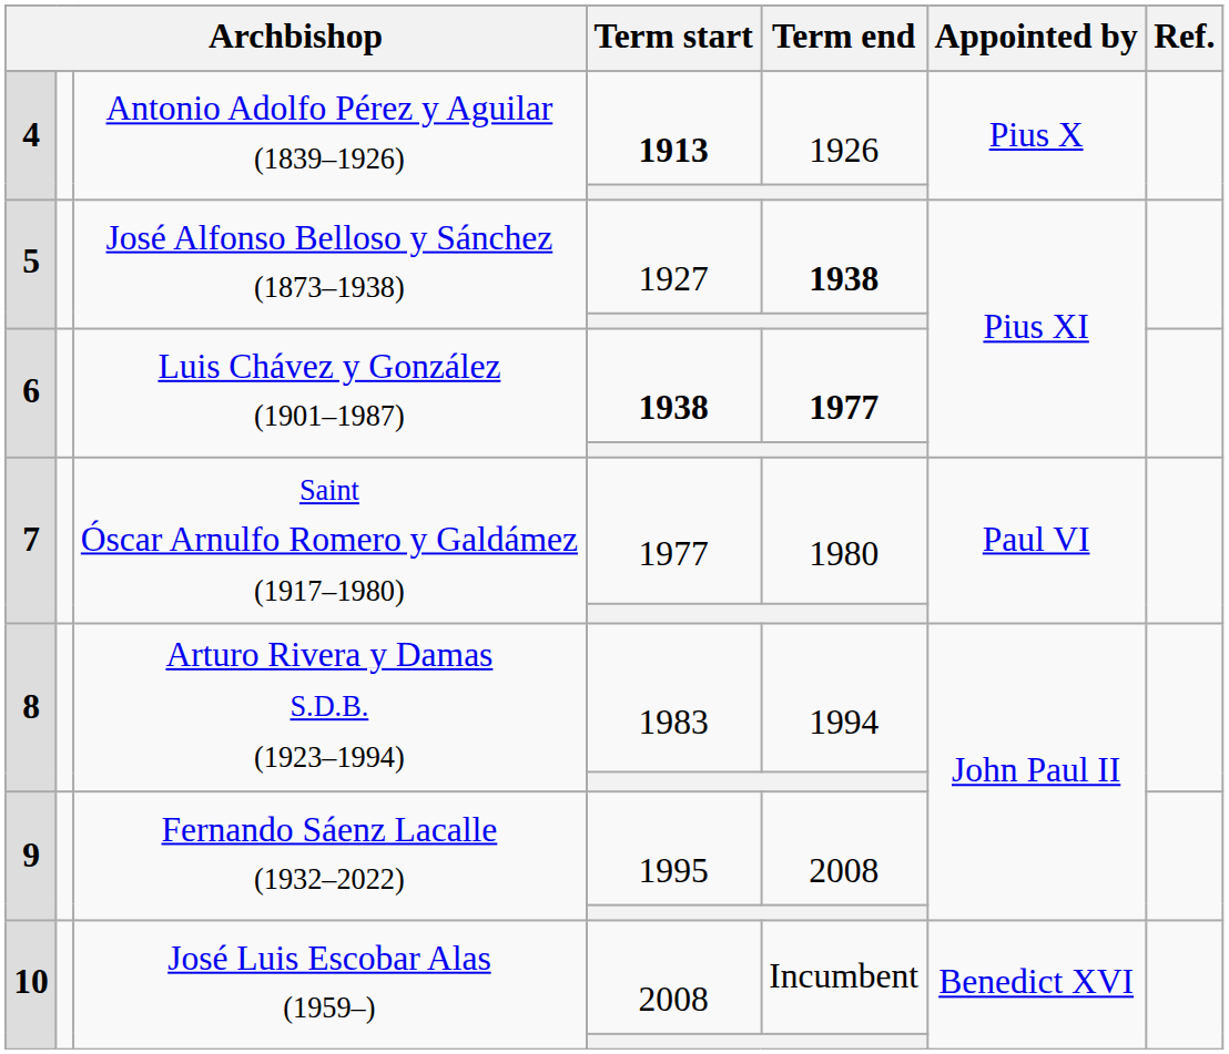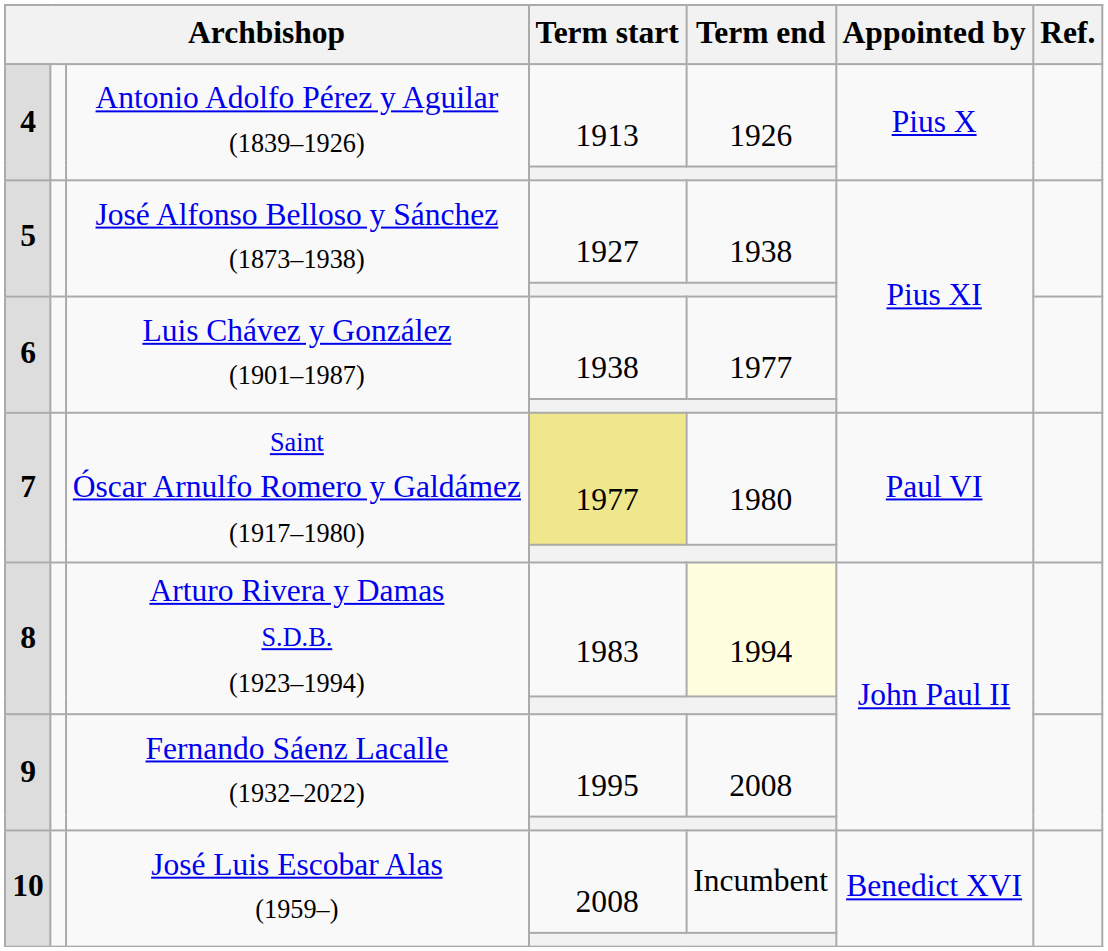 <table class="wikitable" style="line-height:1.4em; text-align:center">
 <tr>
 <th colspan="3">Archbishop</th>
 <th>Term start</th>
 <th>Term end</th>
 <th>Appointed by</th>
 <th>Ref.</th>
 </tr>
 <tr>
 <td bgcolor="#DDDDDD" rowspan="2"><strong>4</strong></td>
 <td rowspan="2"></td>
 <td rowspan="2"><a href='#'>Antonio Adolfo Pérez y Aguilar</a><br><small>(1839–1926)</small></td>
-<td><strong><br>1913</strong></td>
+<td><br>1913</td>
 <td><br>1926</td>
 <td rowspan="2"><a href='#'>Pius X</a></td>
 <td rowspan="2"></td>
 </tr>
 <tr>
 <th colspan="2" style="font-size:90%; font-weight:normal"></th>
 </tr>
 <tr>
 <td bgcolor="#DDDDDD" rowspan="2"><strong>5</strong></td>
 <td rowspan="2"></td>
 <td rowspan="2"><a href='#'>José Alfonso Belloso y Sánchez</a><br><small>(1873–1938)</small></td>
 <td><br>1927</td>
-<td><strong><br>1938</strong></td>
+<td><br>1938</td>
 <td rowspan="4"><a href='#'>Pius XI</a></td>
 <td rowspan="2"></td>
 </tr>
 <tr>
 <th colspan="2" style="font-size:90%; font-weight:normal"></th>
 </tr>
 <tr>
 <td bgcolor="#DDDDDD" rowspan="2"><strong>6</strong></td>
 <td rowspan="2"></td>
 <td rowspan="2"><a href='#'>Luis Chávez y González</a><br><small>(1901–1987)</small></td>
-<td><strong><br>1938</strong></td>
-<td><strong><br>1977</strong></td>
+<td><br>1938</td>
+<td><br>1977</td>
 <td rowspan="2"></td>
 </tr>
 <tr>
 <th colspan="2" style="font-size:90%; font-weight:normal"></th>
 </tr>
 <tr>
 <td bgcolor="#DDDDDD" rowspan="2"><strong>7</strong></td>
 <td rowspan="2"></td>
 <td rowspan="2"><small><a href='#'>Saint</a></small><br><a href='#'>Óscar Arnulfo Romero y Galdámez</a><br><small>(1917–1980)</small></td>
-<td><br>1977</td>
+<td style="background: khaki;"><br>1977</td>
 <td><br>1980</td>
 <td rowspan="2"><a href='#'>Paul VI</a></td>
 <td rowspan="2"></td>
 </tr>
 <tr>
 <th colspan="2" style="font-size:90%; font-weight:normal"></th>
 </tr>
 <tr>
 <td bgcolor="#DDDDDD" rowspan="2"><strong>8</strong></td>
 <td rowspan="2"></td>
 <td rowspan="2"><a href='#'>Arturo Rivera y Damas</a><br><small><a href='#'>S.D.B.</a><br>(1923–1994)</small></td>
 <td><br>1983</td>
-<td><br>1994</td>
+<td style="background: lightyellow;"><br>1994</td>
 <td rowspan="4"><a href='#'>John Paul II</a></td>
 <td rowspan="2"></td>
 </tr>
 <tr>
 <th colspan="2" style="font-size:90%; font-weight:normal"></th>
 </tr>
 <tr>
 <td bgcolor="#DDDDDD" rowspan="2"><strong>9</strong></td>
 <td rowspan="2"></td>
 <td rowspan="2"><a href='#'>Fernando Sáenz Lacalle</a><br><small>(1932–2022)</small></td>
 <td><br>1995</td>
 <td><br>2008</td>
 <td rowspan="2"></td>
 </tr>
 <tr>
 <th colspan="2" style="font-size:90%; font-weight:normal"></th>
 </tr>
 <tr>
 <td bgcolor="#DDDDDD" rowspan="2"><strong>10</strong></td>
 <td rowspan="2"></td>
 <td rowspan="2"><a href='#'>José Luis Escobar Alas</a><br><small>(1959–)</small></td>
 <td><br>2008</td>
 <td>Incumbent</td>
 <td rowspan="2"><a href='#'>Benedict XVI</a></td>
 <td rowspan="2"></td>
 </tr>
 <tr>
 <th colspan="2" style="font-size:90%; font-weight:normal"></th>
 </tr>
 </table>
